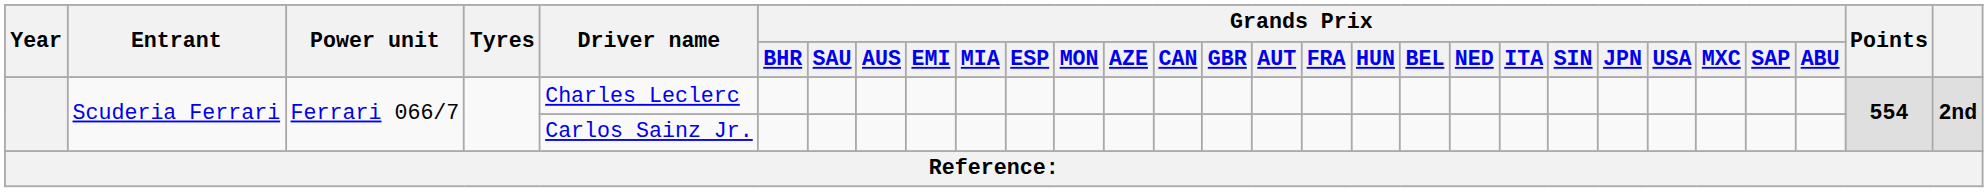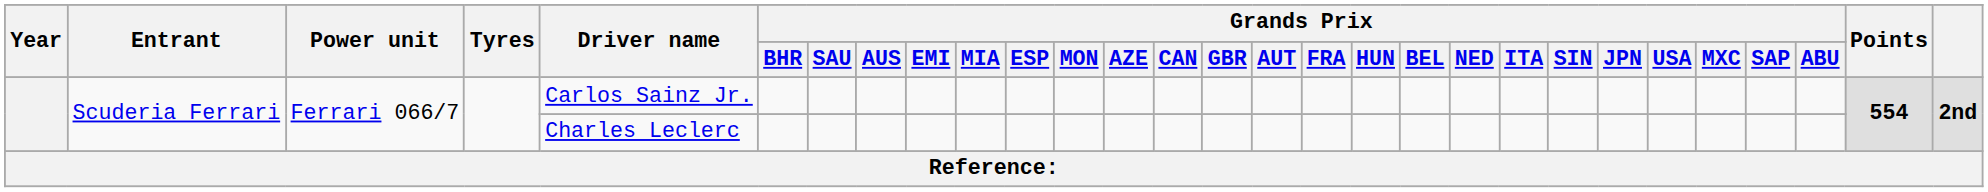 <table class="wikitable" style="text-align:center; font-size:90%">
 <tr>
 <th rowspan="2">Year</th>
 <th rowspan="2">Entrant</th>
 <th rowspan="2">Power unit</th>
 <th rowspan="2">Tyres</th>
 <th rowspan="2">Driver name</th>
 <th colspan="22">Grands Prix</th>
 <th rowspan="2">Points</th>
 <th rowspan="2"></th>
 </tr>
 <tr>
 <th><a href='#'>BHR</a></th>
 <th><a href='#'>SAU</a></th>
 <th><a href='#'>AUS</a></th>
 <th><a href='#'>EMI</a></th>
 <th><a href='#'>MIA</a></th>
 <th><a href='#'>ESP</a></th>
 <th><a href='#'>MON</a></th>
 <th><a href='#'>AZE</a></th>
 <th><a href='#'>CAN</a></th>
 <th><a href='#'>GBR</a></th>
 <th><a href='#'>AUT</a></th>
 <th><a href='#'>FRA</a></th>
 <th><a href='#'>HUN</a></th>
 <th><a href='#'>BEL</a></th>
 <th><a href='#'>NED</a></th>
 <th><a href='#'>ITA</a></th>
 <th><a href='#'>SIN</a></th>
 <th><a href='#'>JPN</a></th>
 <th><a href='#'>USA</a></th>
 <th><a href='#'>MXC</a></th>
 <th><a href='#'>SAP</a></th>
 <th><a href='#'>ABU</a></th>
 </tr>
 <tr>
 <th rowspan="2"></th>
 <td rowspan="2"><a href='#'>Scuderia Ferrari</a></td>
 <td rowspan="2"><a href='#'>Ferrari</a> 066/7</td>
 <td rowspan="2"></td>
-<td align=left nowrap> <a href='#'>Charles Leclerc</a></td>
+<td align=left nowrap> <a href='#'>Carlos Sainz Jr.</a></td>
 <td></td>
 <td></td>
 <td></td>
 <td></td>
 <td></td>
 <td></td>
 <td></td>
 <td></td>
 <td></td>
 <td></td>
 <td></td>
 <td></td>
 <td></td>
 <td></td>
 <td></td>
 <td></td>
 <td></td>
 <td></td>
 <td></td>
 <td></td>
 <td></td>
 <td></td>
 <th rowspan="2" style="background:#DFDFDF">554</th>
 <th rowspan="2" style="background:#DFDFDF">2nd</th>
 </tr>
 <tr>
-<td align=left nowrap> <a href='#'>Carlos Sainz Jr.</a></td>
+<td align=left nowrap> <a href='#'>Charles Leclerc</a></td>
 <td></td>
 <td></td>
 <td></td>
 <td></td>
 <td></td>
 <td></td>
 <td></td>
 <td></td>
 <td></td>
 <td></td>
 <td></td>
 <td></td>
 <td></td>
 <td></td>
 <td></td>
 <td></td>
 <td></td>
 <td></td>
 <td></td>
 <td></td>
 <td></td>
 <td></td>
 </tr>
 <tr>
 <th colspan="29">Reference:</th>
 </tr>
 </table>
